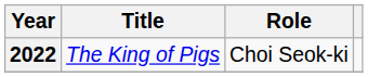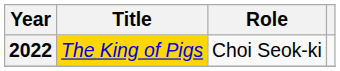 <table class="wikitable plainrowheaders">
 <tr>
 <th scope="col">Year</th>
 <th scope="col">Title</th>
 <th scope="col">Role</th>
 <th scope="col" class="unsortable"></th>
 </tr>
 <tr>
 <th scope="row">2022</th>
-<td><em><a href='#'>The King of Pigs</a></em></td>
+<td style="background: gold;"><em><a href='#'>The King of Pigs</a></em></td>
 <td>Choi Seok-ki</td>
 <td></td>
 </tr>
 <tr>
 </tr>
 </table>
